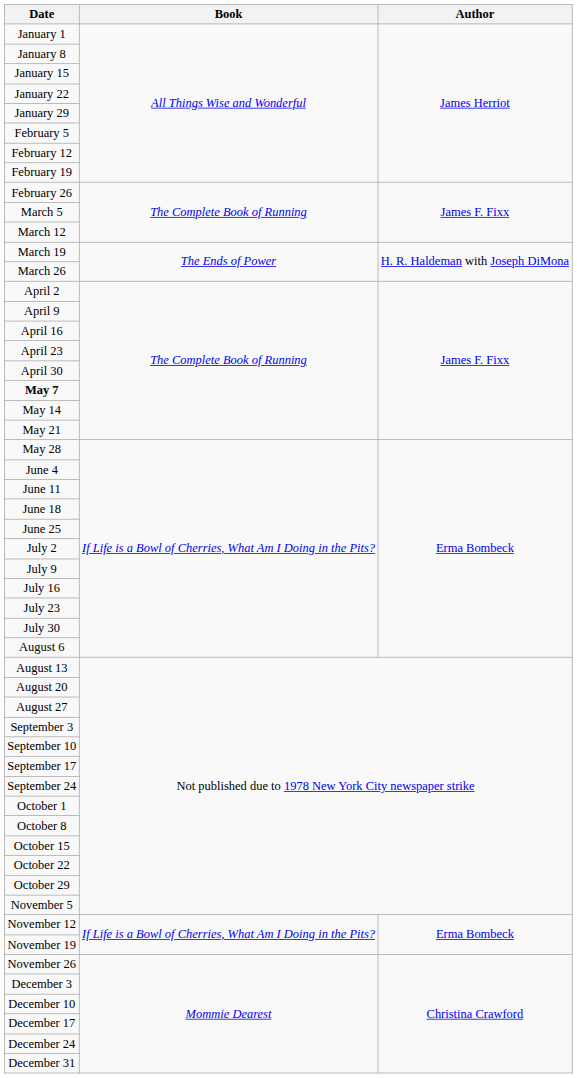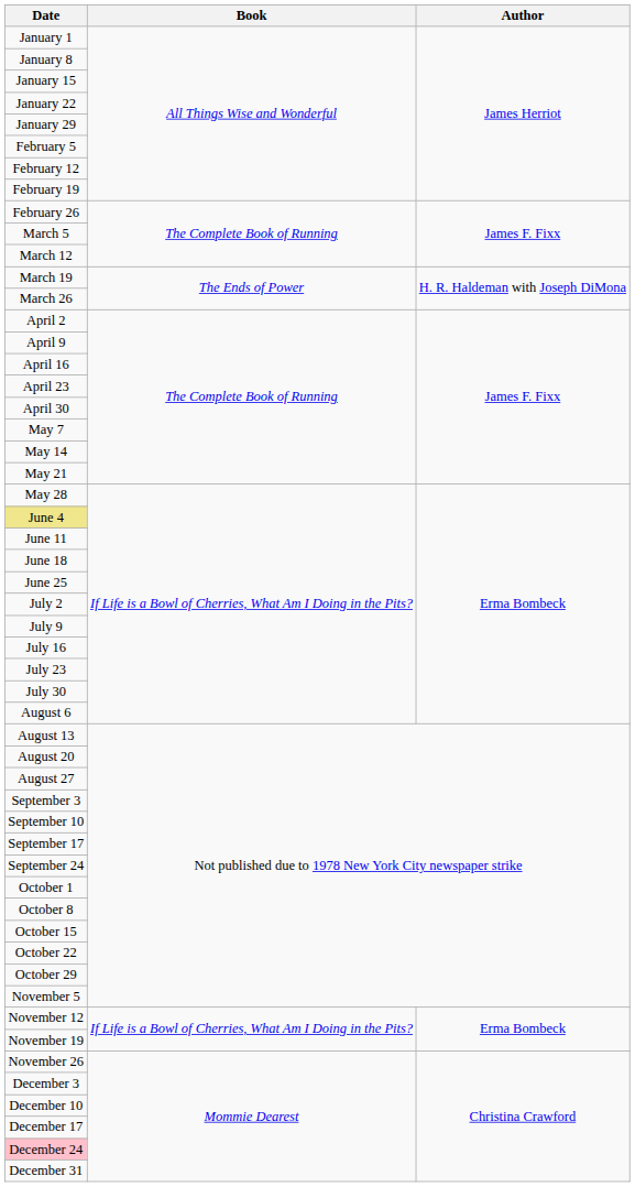 <table class="wikitable" style="text-align: center">
 <tr>
 <th>Date</th>
 <th>Book</th>
 <th>Author</th>
 </tr>
 <tr>
 <td>January 1</td>
 <td rowspan=8><em><a href='#'>All Things Wise and Wonderful</a></em></td>
 <td rowspan=8><a href='#'>James Herriot</a></td>
 </tr>
 <tr>
 <td>January 8</td>
 </tr>
 <tr>
 <td>January 15</td>
 </tr>
 <tr>
 <td>January 22</td>
 </tr>
 <tr>
 <td>January 29</td>
 </tr>
 <tr>
 <td>February 5</td>
 </tr>
 <tr>
 <td>February 12</td>
 </tr>
 <tr>
 <td>February 19</td>
 </tr>
 <tr>
 <td>February 26</td>
 <td rowspan=3><em><a href='#'>The Complete Book of Running</a></em></td>
 <td rowspan=3><a href='#'>James F. Fixx</a></td>
 </tr>
 <tr>
 <td>March 5</td>
 </tr>
 <tr>
 <td>March 12</td>
 </tr>
 <tr>
 <td>March 19</td>
 <td rowspan=2><em><a href='#'>The Ends of Power</a></em></td>
 <td rowspan=2><a href='#'>H. R. Haldeman</a> with <a href='#'>Joseph DiMona</a></td>
 </tr>
 <tr>
 <td>March 26</td>
 </tr>
 <tr>
 <td>April 2</td>
 <td rowspan=8><em><a href='#'>The Complete Book of Running</a></em></td>
 <td rowspan=8><a href='#'>James F. Fixx</a></td>
 </tr>
 <tr>
 <td>April 9</td>
 </tr>
 <tr>
 <td>April 16</td>
 </tr>
 <tr>
 <td>April 23</td>
 </tr>
 <tr>
 <td>April 30</td>
 </tr>
 <tr>
-<td><strong>May 7</strong></td>
+<td>May 7</td>
 </tr>
 <tr>
 <td>May 14</td>
 </tr>
 <tr>
 <td>May 21</td>
 </tr>
 <tr>
 <td>May 28</td>
 <td rowspan=11><em><a href='#'>If Life is a Bowl of Cherries, What Am I Doing in the Pits?</a></em></td>
 <td rowspan=11><a href='#'>Erma Bombeck</a></td>
 </tr>
 <tr>
-<td>June 4</td>
+<td style="background: khaki;">June 4</td>
 </tr>
 <tr>
 <td>June 11</td>
 </tr>
 <tr>
 <td>June 18</td>
 </tr>
 <tr>
 <td>June 25</td>
 </tr>
 <tr>
 <td>July 2</td>
 </tr>
 <tr>
 <td>July 9</td>
 </tr>
 <tr>
 <td>July 16</td>
 </tr>
 <tr>
 <td>July 23</td>
 </tr>
 <tr>
 <td>July 30</td>
 </tr>
 <tr>
 <td>August 6</td>
 </tr>
 <tr>
 <td>August 13</td>
 <td rowspan=13 colspan=2>Not published due to <a href='#'>1978 New York City newspaper strike</a></td>
 </tr>
 <tr>
 <td>August 20</td>
 </tr>
 <tr>
 <td>August 27</td>
 </tr>
 <tr>
 <td>September 3</td>
 </tr>
 <tr>
 <td>September 10</td>
 </tr>
 <tr>
 <td>September 17</td>
 </tr>
 <tr>
 <td>September 24</td>
 </tr>
 <tr>
 <td>October 1</td>
 </tr>
 <tr>
 <td>October 8</td>
 </tr>
 <tr>
 <td>October 15</td>
 </tr>
 <tr>
 <td>October 22</td>
 </tr>
 <tr>
 <td>October 29</td>
 </tr>
 <tr>
 <td>November 5</td>
 </tr>
 <tr>
 <td>November 12</td>
 <td rowspan=2><em><a href='#'>If Life is a Bowl of Cherries, What Am I Doing in the Pits?</a></em></td>
 <td rowspan=2><a href='#'>Erma Bombeck</a></td>
 </tr>
 <tr>
 <td>November 19</td>
 </tr>
 <tr>
 <td>November 26</td>
 <td rowspan=6><em><a href='#'>Mommie Dearest</a></em></td>
 <td rowspan=6><a href='#'>Christina Crawford</a></td>
 </tr>
 <tr>
 <td>December 3</td>
 </tr>
 <tr>
 <td>December 10</td>
 </tr>
 <tr>
 <td>December 17</td>
 </tr>
 <tr>
-<td>December 24</td>
+<td style="background: pink;">December 24</td>
 </tr>
 <tr>
 <td>December 31</td>
 </tr>
 </table>
